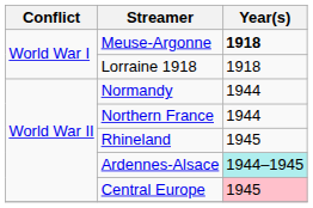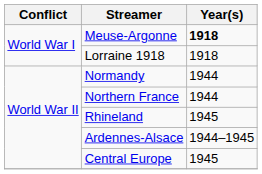 <table class=wikitable>
 <tr style="background:#efefef;">
 <th>Conflict</th>
 <th>Streamer</th>
 <th>Year(s)</th>
 </tr>
 <tr>
 <td rowspan="2"><a href='#'>World War I</a> <br> </td>
 <td><a href='#'>Meuse-Argonne</a></td>
 <td><strong>1918</strong></td>
 </tr>
 <tr>
 <td>Lorraine 1918</td>
 <td>1918</td>
 </tr>
 <tr>
 <td rowspan="5"><a href='#'>World War II</a> <br> <br> </td>
 <td><a href='#'>Normandy</a></td>
 <td>1944</td>
 </tr>
 <tr>
 <td><a href='#'>Northern France</a></td>
 <td>1944</td>
 </tr>
 <tr>
 <td><a href='#'>Rhineland</a></td>
 <td>1945</td>
 </tr>
 <tr>
 <td><a href='#'>Ardennes-Alsace</a></td>
-<td style="background: paleturquoise;">1944–1945</td>
+<td>1944–1945</td>
 </tr>
 <tr>
 <td><a href='#'>Central Europe</a></td>
-<td style="background: pink;">1945</td>
+<td>1945</td>
 </tr>
 <tr>
 </tr>
 </table>
